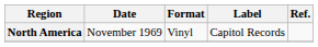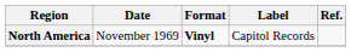 <table class="wikitable plainrowheaders">
 <tr>
 <th scope="col">Region</th>
 <th scope="col">Date</th>
 <th scope="col">Format</th>
 <th scope="col">Label</th>
 <th scope="col">Ref.</th>
 </tr>
 <tr>
 <th scope="row">North America</th>
 <td>November 1969</td>
-<td>Vinyl</td>
+<td><strong>Vinyl</strong></td>
 <td>Capitol Records</td>
 <td></td>
 </tr>
 <tr>
 </tr>
 </table>
